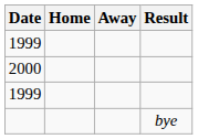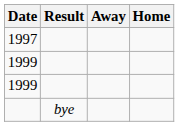 <table class="wikitable">
 <tr>
 <th>Date</th>
+<th>Result</th>
+<th>Away</th>
 <th>Home</th>
-<th>Away</th>
-<th>Result</th>
 </tr>
 <tr align="center">
-<td>1999</td>
+<td>1997</td>
 <td></td>
 <td></td>
 <td></td>
 </tr>
 <tr align="center">
-<td>2000</td>
+<td>1999</td>
 <td></td>
 <td></td>
 <td></td>
 </tr>
 <tr align="center">
 <td>1999</td>
 <td></td>
 <td></td>
 <td></td>
 </tr>
 <tr align="center">
 <td></td>
+<td><em>bye</em></td>
 <td></td>
 <td></td>
-<td><em>bye</em></td>
 </tr>
 </table>
